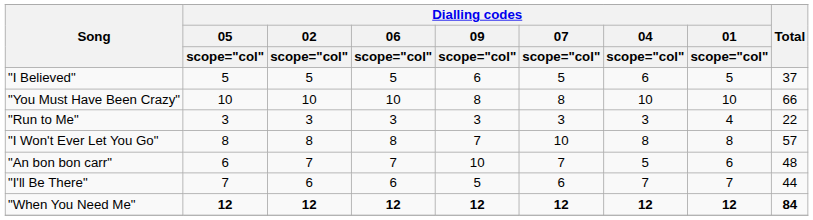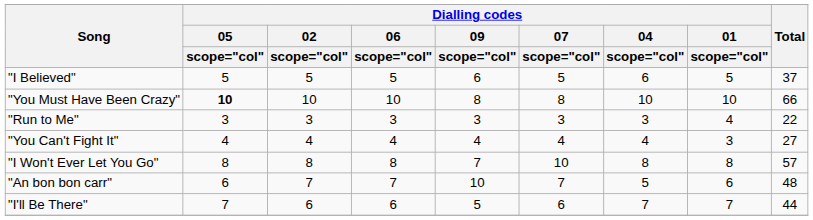 <table class="wikitable plainrowheaders" style="margin: 1em auto 1em auto; text-align:center;">
 <tr>
 </tr>
 <tr>
 <th scope="col" rowspan="3">Song</th>
 <th scope="col" colspan="7"><a href='#'>Dialling codes</a></th>
 <th scope="col" rowspan="3">Total</th>
 </tr>
 <tr>
 <th>05</th>
 <th>02</th>
 <th>06</th>
 <th>09</th>
 <th>07</th>
 <th>04</th>
 <th>01</th>
 </tr>
 <tr>
 <th>scope="col" </th>
 <th>scope="col" </th>
 <th>scope="col" </th>
 <th>scope="col" </th>
 <th>scope="col" </th>
 <th>scope="col" </th>
 <th>scope="col" </th>
 </tr>
 <tr>
 <td align="left">"I Believed"</td>
 <td>5</td>
 <td>5</td>
 <td>5</td>
 <td>6</td>
 <td>5</td>
 <td>6</td>
 <td>5</td>
 <td>37</td>
 </tr>
 <tr>
 <td align="left">"You Must Have Been Crazy"</td>
-<td>10</td>
+<td><strong>10</strong></td>
 <td>10</td>
 <td>10</td>
 <td>8</td>
 <td>8</td>
 <td>10</td>
 <td>10</td>
 <td>66</td>
 </tr>
 <tr>
 <td align="left">"Run to Me"</td>
 <td>3</td>
 <td>3</td>
 <td>3</td>
 <td>3</td>
 <td>3</td>
 <td>3</td>
 <td>4</td>
 <td>22</td>
+</tr>
+<tr>
+<td align="left">"You Can't Fight It"</td>
+<td>4</td>
+<td>4</td>
+<td>4</td>
+<td>4</td>
+<td>4</td>
+<td>4</td>
+<td>3</td>
+<td>27</td>
 </tr>
 <tr>
 <td align="left">"I Won't Ever Let You Go"</td>
 <td>8</td>
 <td>8</td>
 <td>8</td>
 <td>7</td>
 <td>10</td>
 <td>8</td>
 <td>8</td>
 <td>57</td>
 </tr>
 <tr>
 <td align="left">"An bon bon carr"</td>
 <td>6</td>
 <td>7</td>
 <td>7</td>
 <td>10</td>
 <td>7</td>
 <td>5</td>
 <td>6</td>
 <td>48</td>
 </tr>
 <tr>
 <td align="left">"I'll Be There"</td>
 <td>7</td>
 <td>6</td>
 <td>6</td>
 <td>5</td>
 <td>6</td>
 <td>7</td>
 <td>7</td>
 <td>44</td>
 </tr>
 <tr>
-<td align="left">"When You Need Me"</td>
-<td><strong>12</strong></td>
-<td><strong>12</strong></td>
-<td><strong>12</strong></td>
-<td><strong>12</strong></td>
-<td><strong>12</strong></td>
-<td><strong>12</strong></td>
-<td><strong>12</strong></td>
-<td><strong>84</strong></td>
-</tr>
-<tr>
 </tr>
 </table>
